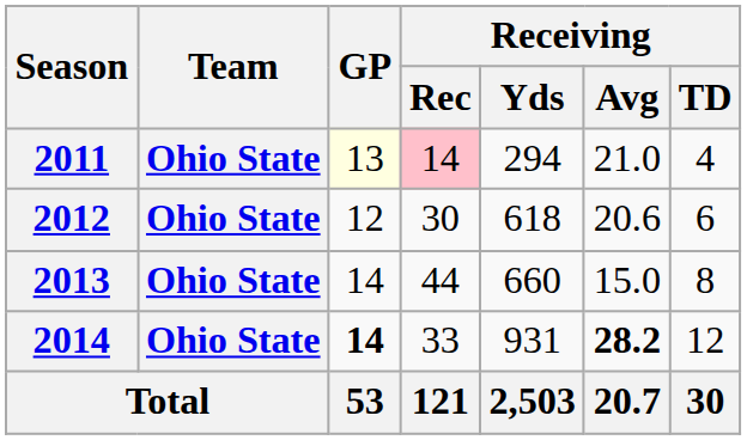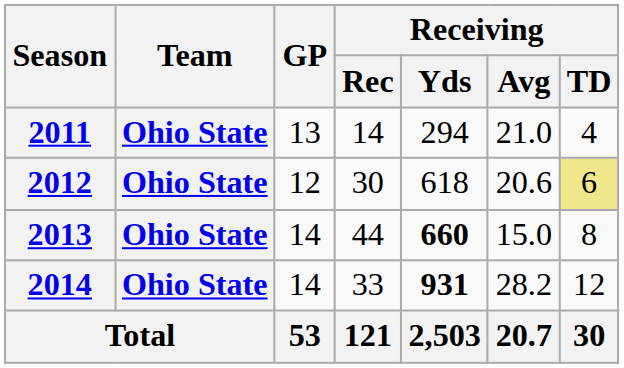 <table class="wikitable" style="text-align:center">
 <tr>
 <th rowspan="2">Season</th>
 <th rowspan="2">Team</th>
 <th rowspan="2">GP</th>
 <th colspan="4">Receiving</th>
 </tr>
 <tr>
 <th>Rec</th>
 <th>Yds</th>
 <th>Avg</th>
 <th>TD</th>
 </tr>
 <tr>
 <th><a href='#'>2011</a></th>
 <th><a href='#'>Ohio State</a></th>
-<td style="background: lightyellow;">13</td>
-<td style="background: pink;">14</td>
+<td>13</td>
+<td>14</td>
 <td>294</td>
 <td>21.0</td>
 <td>4</td>
 </tr>
 <tr>
 <th><a href='#'>2012</a></th>
 <th><a href='#'>Ohio State</a></th>
 <td>12</td>
 <td>30</td>
 <td>618</td>
 <td>20.6</td>
-<td>6</td>
+<td style="background: khaki;">6</td>
 </tr>
 <tr>
 <th><a href='#'>2013</a></th>
 <th><a href='#'>Ohio State</a></th>
 <td>14</td>
 <td>44</td>
-<td>660</td>
+<td><strong>660</strong></td>
 <td>15.0</td>
 <td>8</td>
 </tr>
 <tr>
 <th><a href='#'>2014</a></th>
 <th><a href='#'>Ohio State</a></th>
-<td><strong>14</strong></td>
+<td>14</td>
 <td>33</td>
-<td>931</td>
-<td><strong>28.2</strong></td>
+<td><strong>931</strong></td>
+<td>28.2</td>
 <td>12</td>
 </tr>
 <tr>
 <th colspan="2">Total</th>
 <th>53</th>
 <th>121</th>
 <th>2,503</th>
 <th>20.7</th>
 <th>30</th>
 </tr>
 </table>
